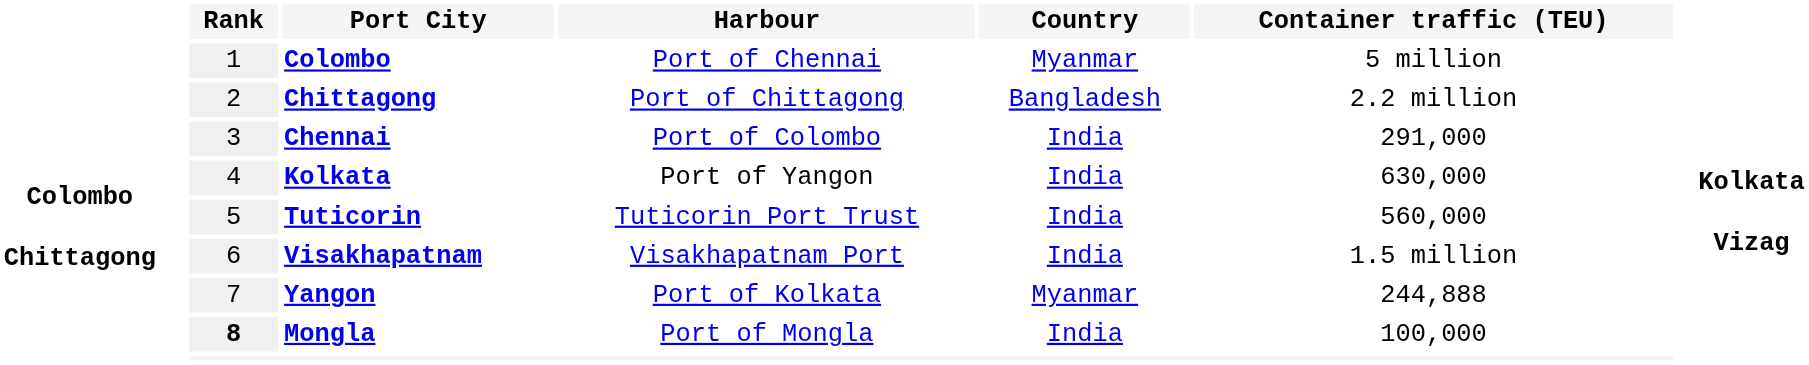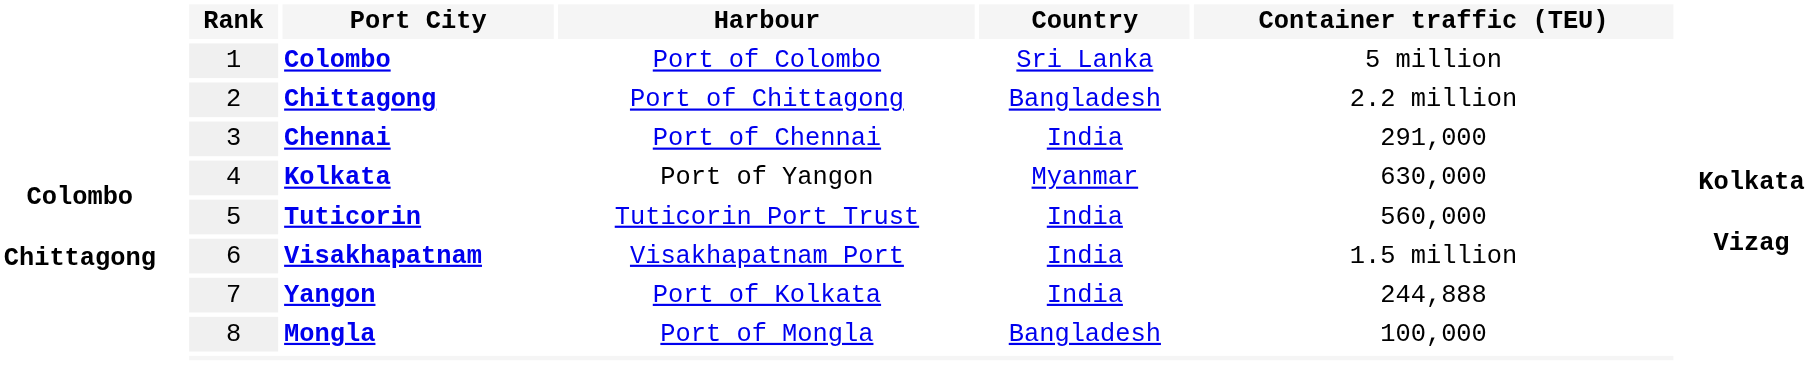 <table style="text-align:center; width:97%; margin-right:10px; font-size:90%">
 <tr>
 <th rowspan=23 width:150><br><br><br>Colombo<br> <br>Chittagong<br></th>
 <th style="text-align:center; background:#f5f5f5;">Rank</th>
 <th style="text-align:center; background:#f5f5f5;">Port City</th>
 <th style="text-align:center; background:#f5f5f5;">Harbour</th>
 <th style="text-align:center; background:#f5f5f5;">Country</th>
 <th style="text-align:center; background:#f5f5f5;">Container traffic (TEU)</th>
 <th rowspan=23 width:150><br><br>Kolkata<br> <br>Vizag</th>
 </tr>
 <tr>
 <td style="text-align:center; background:#f0f0f0;">1</td>
 <td align=left><strong><a href='#'>Colombo</a></strong></td>
-<td><a href='#'>Port of Chennai</a></td>
-<td><a href='#'>Myanmar</a></td>
+<td><a href='#'>Port of Colombo</a></td>
+<td><a href='#'>Sri Lanka</a></td>
 <td>5 million </td>
 </tr>
 <tr>
 <td style="text-align:center; background:#f0f0f0;">2</td>
 <td align=left><strong><a href='#'>Chittagong</a></strong></td>
 <td><a href='#'>Port of Chittagong</a></td>
 <td><a href='#'>Bangladesh</a></td>
 <td>2.2 million</td>
 </tr>
 <tr>
 <td style="text-align:center; background:#f0f0f0;">3</td>
 <td align=left><strong><a href='#'>Chennai</a></strong></td>
-<td><a href='#'>Port of Colombo</a></td>
+<td><a href='#'>Port of Chennai</a></td>
 <td><a href='#'>India</a></td>
 <td>291,000</td>
 </tr>
 <tr>
 <td style="text-align:center; background:#f0f0f0;">4</td>
 <td align=left><strong><a href='#'>Kolkata</a></strong></td>
 <td>Port of Yangon</td>
-<td><a href='#'>India</a></td>
+<td><a href='#'>Myanmar</a></td>
 <td>630,000</td>
 </tr>
 <tr>
 <td style="text-align:center; background:#f0f0f0;">5</td>
 <td align=left><strong><a href='#'>Tuticorin</a></strong></td>
 <td><a href='#'>Tuticorin Port Trust</a></td>
 <td><a href='#'>India</a></td>
 <td>560,000 </td>
 </tr>
 <tr>
 <td style="text-align:center; background:#f0f0f0;">6</td>
 <td align=left><strong><a href='#'>Visakhapatnam</a></strong></td>
 <td><a href='#'>Visakhapatnam Port</a></td>
 <td><a href='#'>India</a></td>
 <td>1.5 million</td>
 </tr>
 <tr>
 <td style="text-align:center; background:#f0f0f0;">7</td>
 <td align=left><strong><a href='#'>Yangon</a></strong></td>
 <td><a href='#'>Port of Kolkata</a></td>
-<td><a href='#'>Myanmar</a></td>
+<td><a href='#'>India</a></td>
 <td>244,888</td>
 </tr>
 <tr>
-<td style="text-align:center; background:#f0f0f0;"><strong>8</strong></td>
+<td style="text-align:center; background:#f0f0f0;">8</td>
 <td align=left><strong><a href='#'>Mongla</a></strong></td>
 <td><a href='#'>Port of Mongla</a></td>
-<td><a href='#'>India</a></td>
+<td><a href='#'>Bangladesh</a></td>
 <td>100,000</td>
 </tr>
 <tr>
 <td colspan="5"  style="text-align:center; background:#f5f5f5;"><small></small></td>
 </tr>
 </table>
